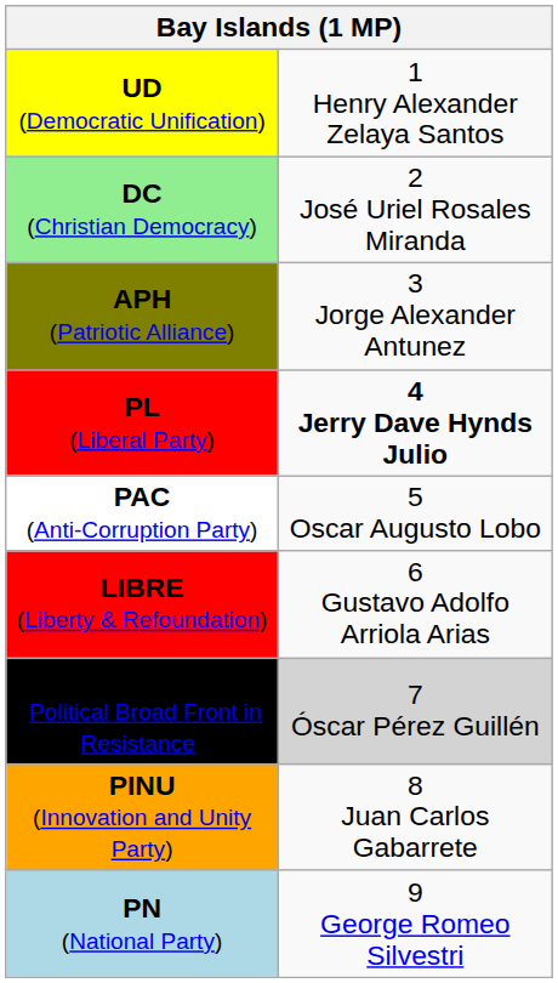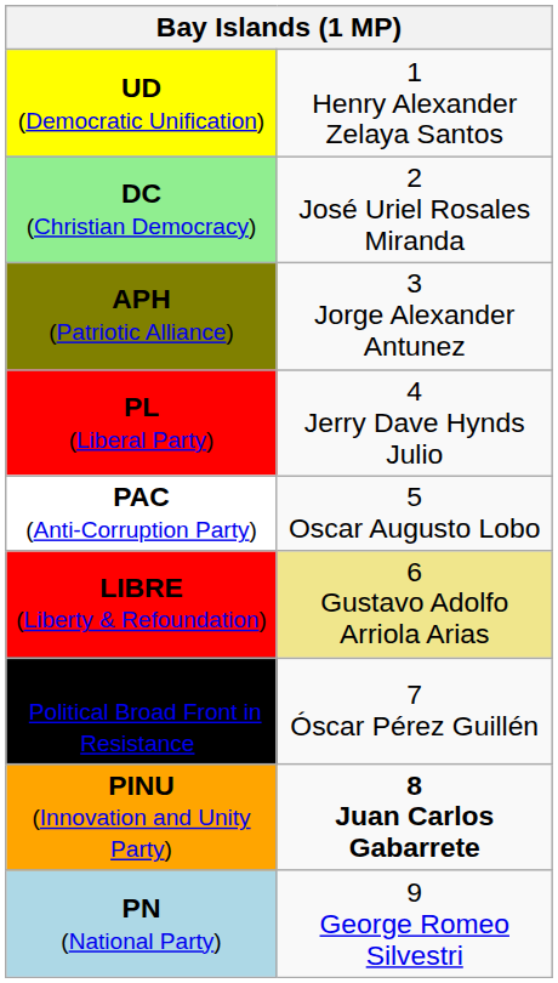 <table class="wikitable" align="center" style="width: 25%">
 <tr>
 <th colspan=24>Bay Islands (1 MP)</th>
 </tr>
 <tr align="center">
 <td bgcolor="yellow" rowspan=1><span><span><strong>UD</strong></span></span><br><small>(<a href='#'>Democratic Unification</a>)</small></td>
 <td>1<br>Henry Alexander Zelaya Santos</td>
 </tr>
 <tr align="center">
 <td bgcolor="lightgreen" rowspan=1><span><span><strong>DC</strong></span></span><br><small>(<a href='#'>Christian Democracy</a>)</small></td>
 <td>2<br>José Uriel Rosales Miranda</td>
 </tr>
 <tr align="center">
 <td bgcolor="olive" rowspan=1><span><span><strong>APH</strong></span></span><br><small>(<a href='#'>Patriotic Alliance</a>)</small></td>
 <td>3<br>Jorge Alexander Antunez</td>
 </tr>
 <tr align="center">
 <td bgcolor="red" rowspan=1><span><span><strong>PL</strong></span></span><br><small>(<a href='#'>Liberal Party</a>)</small></td>
-<td><strong>4<br>Jerry Dave Hynds Julio</strong></td>
+<td>4<br>Jerry Dave Hynds Julio</td>
 </tr>
 <tr align="center">
 <td bgcolor="white" rowspan=1><span><span><strong>PAC</strong></span></span><br><small>(<a href='#'>Anti-Corruption Party</a>)</small></td>
 <td>5<br>Oscar Augusto Lobo</td>
 </tr>
 <tr align="center">
 <td bgcolor="red" rowspan=1><span><span><strong>LIBRE</strong></span></span><br><small>(<a href='#'>Liberty & Refoundation</a>)</small></td>
-<td>6<br>Gustavo Adolfo Arriola Arias</td>
+<td style="background: khaki;">6<br>Gustavo Adolfo Arriola Arias</td>
 </tr>
 <tr align="center">
 <td bgcolor="black" rowspan=1><span><span><strong>FAPER</strong></span></span><br><small>(<a href='#'>Political Broad Front in Resistance</a>)</small></td>
-<td style="background: lightgrey;">7<br>Óscar Pérez Guillén</td>
+<td>7<br>Óscar Pérez Guillén</td>
 </tr>
 <tr align="center">
 <td bgcolor="orange" rowspan=1><span><span><strong>PINU</strong></span></span><br><small>(<a href='#'>Innovation and Unity Party</a>)</small></td>
-<td>8<br>Juan Carlos Gabarrete</td>
+<td><strong>8<br>Juan Carlos Gabarrete</strong></td>
 </tr>
 <tr align="center">
 <td bgcolor="lightblue" rowspan=1><span><span><strong>PN</strong></span></span><br><small>(<a href='#'>National Party</a>)</small></td>
 <td>9<br><a href='#'>George Romeo Silvestri</a></td>
 </tr>
 </table>
